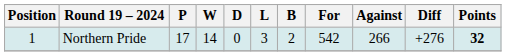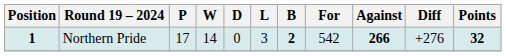 <table class="wikitable" style="text-align:center; font-size:85%;">
 <tr style="background: #d7ebed;">
 <th width="40" abbr="Position">Position</th>
 <th width="100">Round 19 – 2024</th>
 <th width="20" abbr="Played">P</th>
 <th width="20" abbr="Won">W</th>
 <th width="20" abbr="Drawn">D</th>
 <th width="20" abbr="Lost">L</th>
 <th width="20" abbr="Bye">B</th>
 <th width="40" abbr="Points for">For</th>
 <th width="40" abbr="Points against">Against</th>
 <th width="40" abbr="Points difference">Diff</th>
 <th width="40" abbr="Points">Points</th>
 </tr>
 <tr style="background: #d7ebed;">
-<td>1</td>
+<td><strong>1</strong></td>
 <td style="text-align:left;"> Northern Pride</td>
 <td>17</td>
 <td>14</td>
 <td>0</td>
 <td>3</td>
-<td>2</td>
+<td><strong>2</strong></td>
 <td>542</td>
-<td>266</td>
+<td><strong>266</strong></td>
 <td>+276</td>
 <td><strong>32</strong></td>
 </tr>
 <tr>
 </tr>
 </table>
